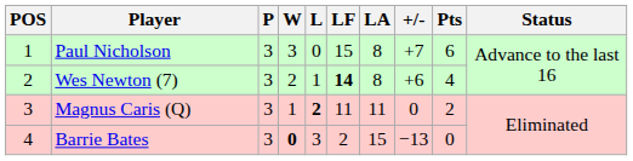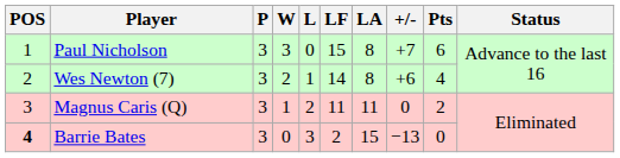 <table class="wikitable" style="text-align:center; margin: 1em auto 1em auto, align:left">
 <tr>
 <th width=20>POS</th>
 <th width=169>Player</th>
 <th width=3>P</th>
 <th width=3>W</th>
 <th width=3>L</th>
 <th width=20>LF</th>
 <th width=20>LA</th>
 <th width=20>+/-</th>
 <th width=20>Pts</th>
 <th width=129>Status</th>
 </tr>
 <tr style="background:#CCFFCC;">
 <td>1</td>
 <td style="text-align:left;"> <a href='#'>Paul Nicholson</a></td>
 <td>3</td>
 <td>3</td>
 <td>0</td>
 <td>15</td>
 <td>8</td>
 <td>+7</td>
 <td>6</td>
 <td rowspan=2>Advance to the last 16</td>
 </tr>
 <tr style="background:#CCFFCC;">
 <td>2</td>
 <td style="text-align:left;"> <a href='#'>Wes Newton</a> (7)</td>
 <td>3</td>
 <td>2</td>
 <td>1</td>
-<td><strong>14</strong></td>
+<td>14</td>
 <td>8</td>
 <td>+6</td>
 <td>4</td>
 </tr>
 <tr style="background:#FFCCCC;">
 <td>3</td>
 <td style="text-align:left;"> <a href='#'>Magnus Caris</a> (Q)</td>
 <td>3</td>
 <td>1</td>
-<td><strong>2</strong></td>
+<td>2</td>
 <td>11</td>
 <td>11</td>
 <td>0</td>
 <td>2</td>
 <td rowspan=2>Eliminated</td>
 </tr>
 <tr style="background:#FFCCCC;">
-<td>4</td>
+<td><strong>4</strong></td>
 <td style="text-align:left;"> <a href='#'>Barrie Bates</a></td>
 <td>3</td>
-<td><strong>0</strong></td>
+<td>0</td>
 <td>3</td>
 <td>2</td>
 <td>15</td>
 <td>−13</td>
 <td>0</td>
 </tr>
 </table>
